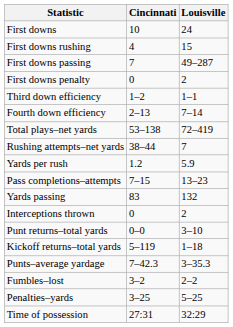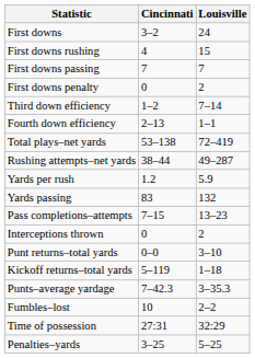 <table class="wikitable">
 <tr>
 <th>Statistic</th>
 <th><strong>Cincinnati</strong></th>
 <th><strong>Louisville</strong></th>
 </tr>
 <tr>
 <td>First downs</td>
-<td>10</td>
+<td>3–2</td>
 <td>24</td>
 </tr>
 <tr>
 <td>First downs rushing</td>
 <td>4</td>
 <td>15</td>
 </tr>
 <tr>
 <td>First downs passing</td>
 <td>7</td>
-<td>49–287</td>
+<td>7</td>
 </tr>
 <tr>
 <td>First downs penalty</td>
 <td>0</td>
 <td>2</td>
 </tr>
 <tr>
 <td>Third down efficiency</td>
 <td>1–2</td>
-<td>1–1</td>
+<td>7–14</td>
 </tr>
 <tr>
 <td>Fourth down efficiency</td>
 <td>2–13</td>
-<td>7–14</td>
+<td>1–1</td>
 </tr>
 <tr>
 <td>Total plays–net yards</td>
 <td>53–138</td>
 <td>72–419</td>
 </tr>
 <tr>
 <td>Rushing attempts–net yards</td>
 <td>38–44</td>
-<td>7</td>
+<td>49–287</td>
 </tr>
 <tr>
 <td>Yards per rush</td>
 <td>1.2</td>
 <td>5.9</td>
 </tr>
 <tr>
+<td>Yards passing</td>
+<td>83</td>
+<td>132</td>
+</tr>
+<tr>
 <td>Pass completions–attempts</td>
 <td>7–15</td>
 <td>13–23</td>
-</tr>
-<tr>
-<td>Yards passing</td>
-<td>83</td>
-<td>132</td>
 </tr>
 <tr>
 <td>Interceptions thrown</td>
 <td>0</td>
 <td>2</td>
 </tr>
 <tr>
 <td>Punt returns–total yards</td>
 <td>0–0</td>
 <td>3–10</td>
 </tr>
 <tr>
 <td>Kickoff returns–total yards</td>
 <td>5–119</td>
 <td>1–18</td>
 </tr>
 <tr>
 <td>Punts–average yardage</td>
 <td>7–42.3</td>
 <td>3–35.3</td>
 </tr>
 <tr>
 <td>Fumbles–lost</td>
-<td>3–2</td>
+<td>10</td>
 <td>2–2</td>
+</tr>
+<tr>
+<td>Time of possession</td>
+<td>27:31</td>
+<td>32:29</td>
 </tr>
 <tr>
 <td>Penalties–yards</td>
 <td>3–25</td>
 <td>5–25</td>
 </tr>
-<tr>
-<td>Time of possession</td>
-<td>27:31</td>
-<td>32:29</td>
-</tr>
 </table>
